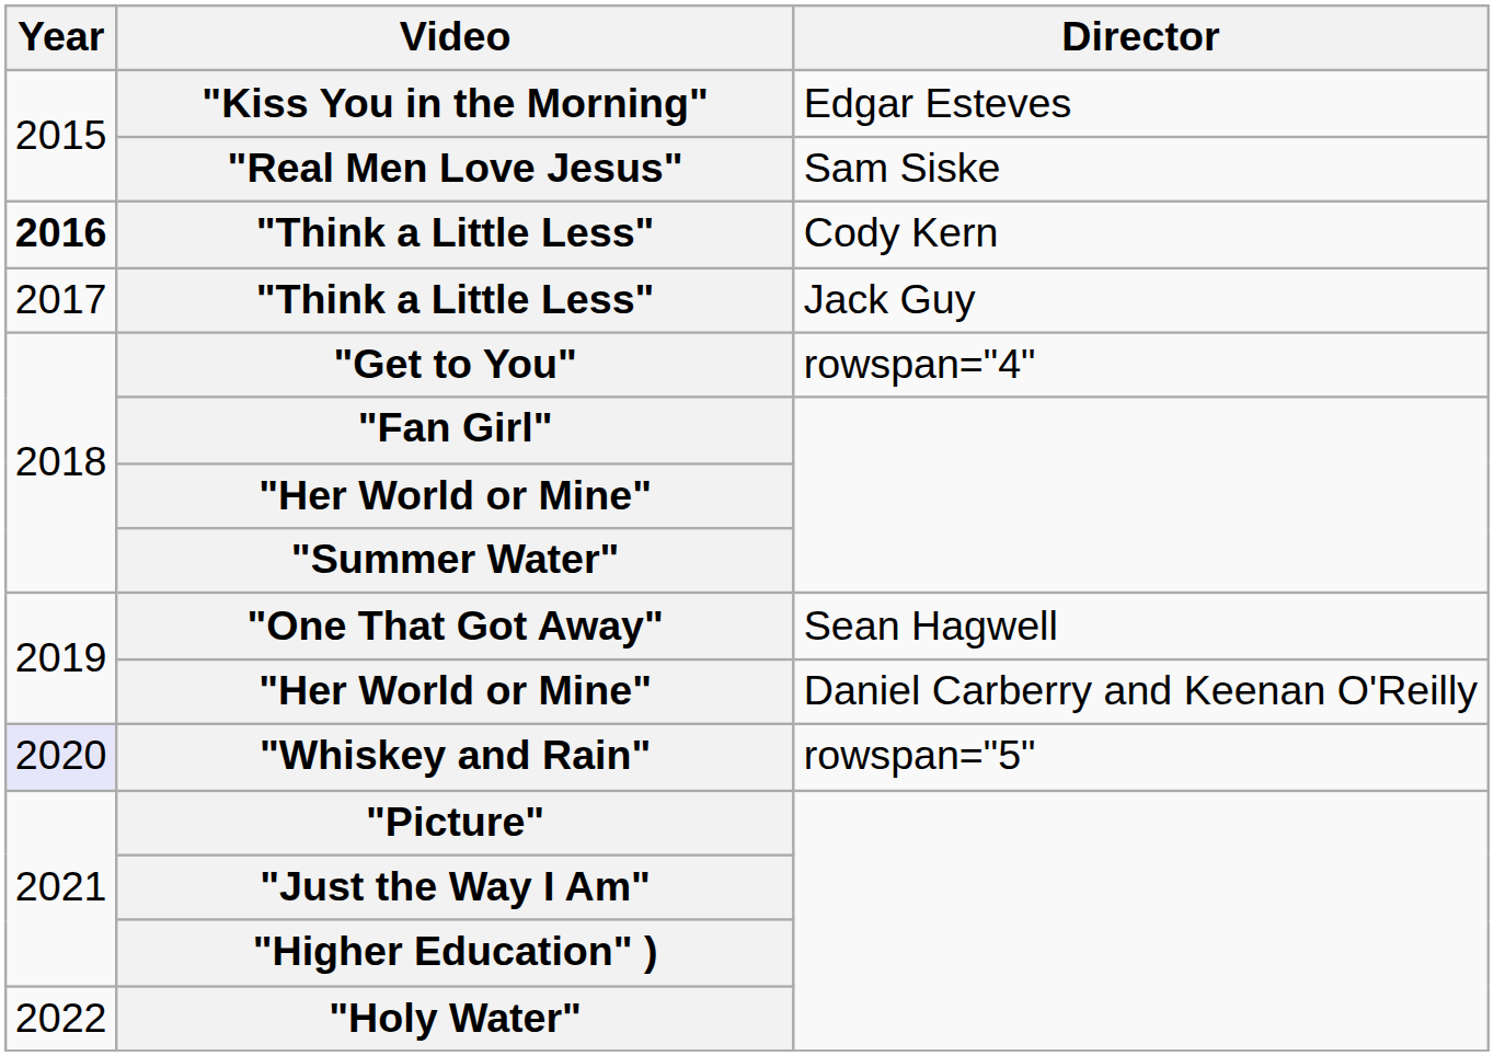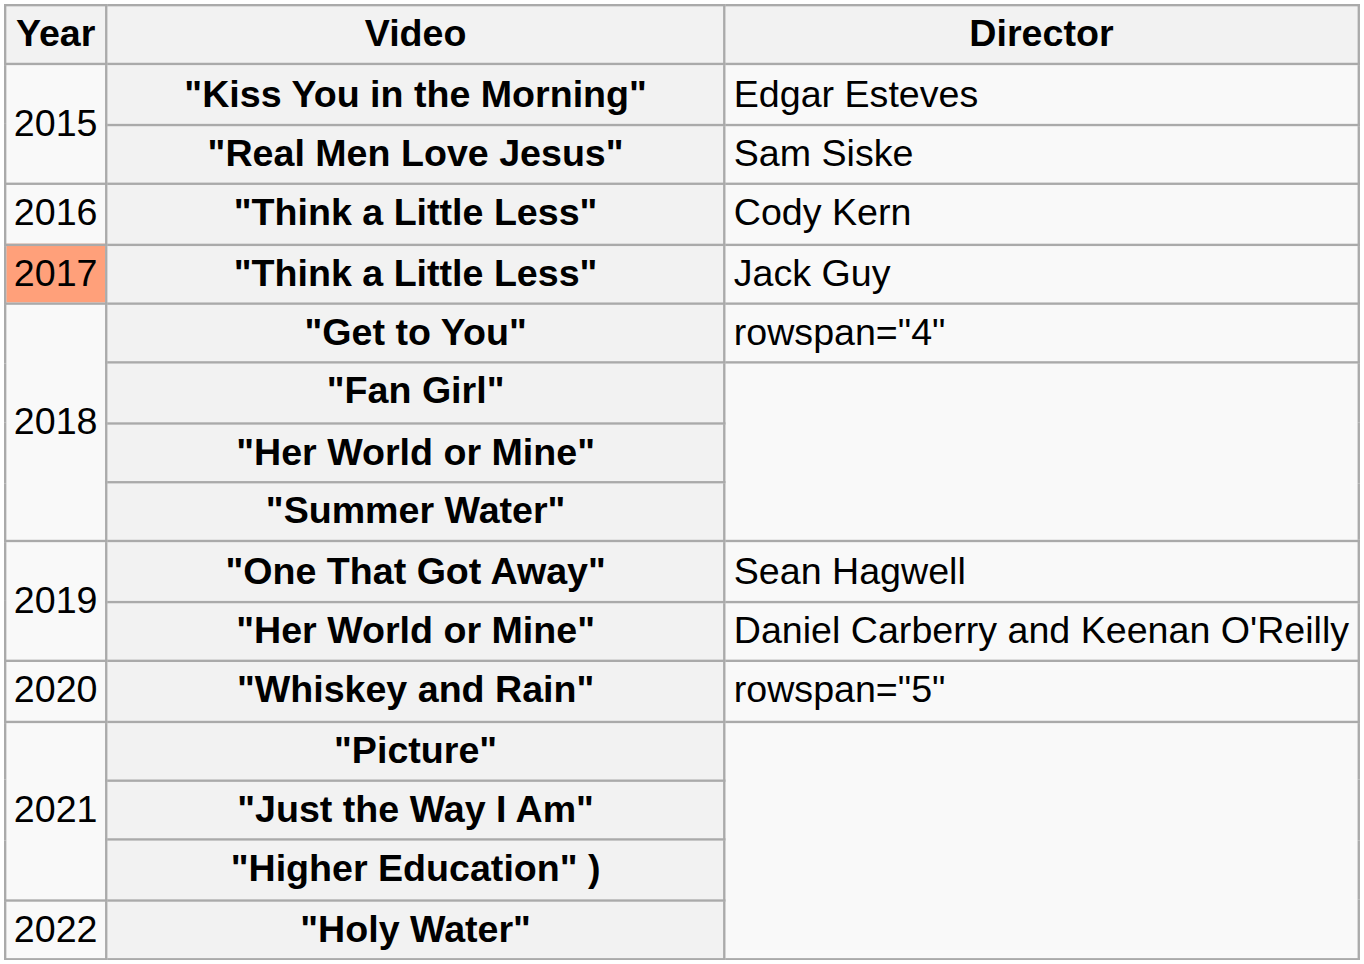 <table class="wikitable plainrowheaders">
 <tr>
 <th>Year</th>
 <th style="width:16em;">Video</th>
 <th>Director</th>
 </tr>
 <tr>
 <td rowspan="2">2015</td>
 <th scope="row">"Kiss You in the Morning"</th>
 <td>Edgar Esteves</td>
 </tr>
 <tr>
 <th scope="row">"Real Men Love Jesus"</th>
 <td>Sam Siske</td>
 </tr>
 <tr>
-<td><strong>2016</strong></td>
+<td>2016</td>
 <th scope="row">"Think a Little Less"</th>
 <td>Cody Kern</td>
 </tr>
 <tr>
-<td>2017</td>
+<td style="background: lightsalmon;">2017</td>
 <th scope="row">"Think a Little Less"</th>
 <td>Jack Guy</td>
 </tr>
 <tr>
 <td rowspan="4">2018</td>
 <th scope="row">"Get to You"</th>
 <td>rowspan="4" </td>
 </tr>
 <tr>
 <th scope="row">"Fan Girl"</th>
 </tr>
 <tr>
 <th scope="row">"Her World or Mine"</th>
 </tr>
 <tr>
 <th scope="row">"Summer Water"</th>
 </tr>
 <tr>
 <td rowspan="2">2019</td>
 <th scope="row">"One That Got Away"</th>
 <td>Sean Hagwell</td>
 </tr>
 <tr>
 <th scope="row">"Her World or Mine"</th>
 <td>Daniel Carberry and Keenan O'Reilly</td>
 </tr>
 <tr>
-<td style="background: lavender;">2020</td>
+<td>2020</td>
 <th scope="row">"Whiskey and Rain"</th>
 <td>rowspan="5" </td>
 </tr>
 <tr>
 <td rowspan="3">2021</td>
 <th scope="row">"Picture"</th>
 </tr>
 <tr>
 <th scope="row">"Just the Way I Am"</th>
 </tr>
 <tr>
 <th scope="row">"Higher Education" )</th>
 </tr>
 <tr>
 <td>2022</td>
 <th scope="row">"Holy Water"</th>
 </tr>
 </table>
